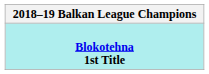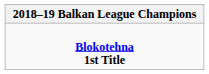 <table class="wikitable" style="margin: 0 auto; width: 30%;">
 <tr>
 <th>2018–19 Balkan League Champions</th>
 </tr>
 <tr>
-<td align=center style="background: paleturquoise;"><br><strong><a href='#'>Blokotehna</a></strong><br><strong>1st Title</strong></td>
+<td align=center><br><strong><a href='#'>Blokotehna</a></strong><br><strong>1st Title</strong></td>
 </tr>
 </table>
